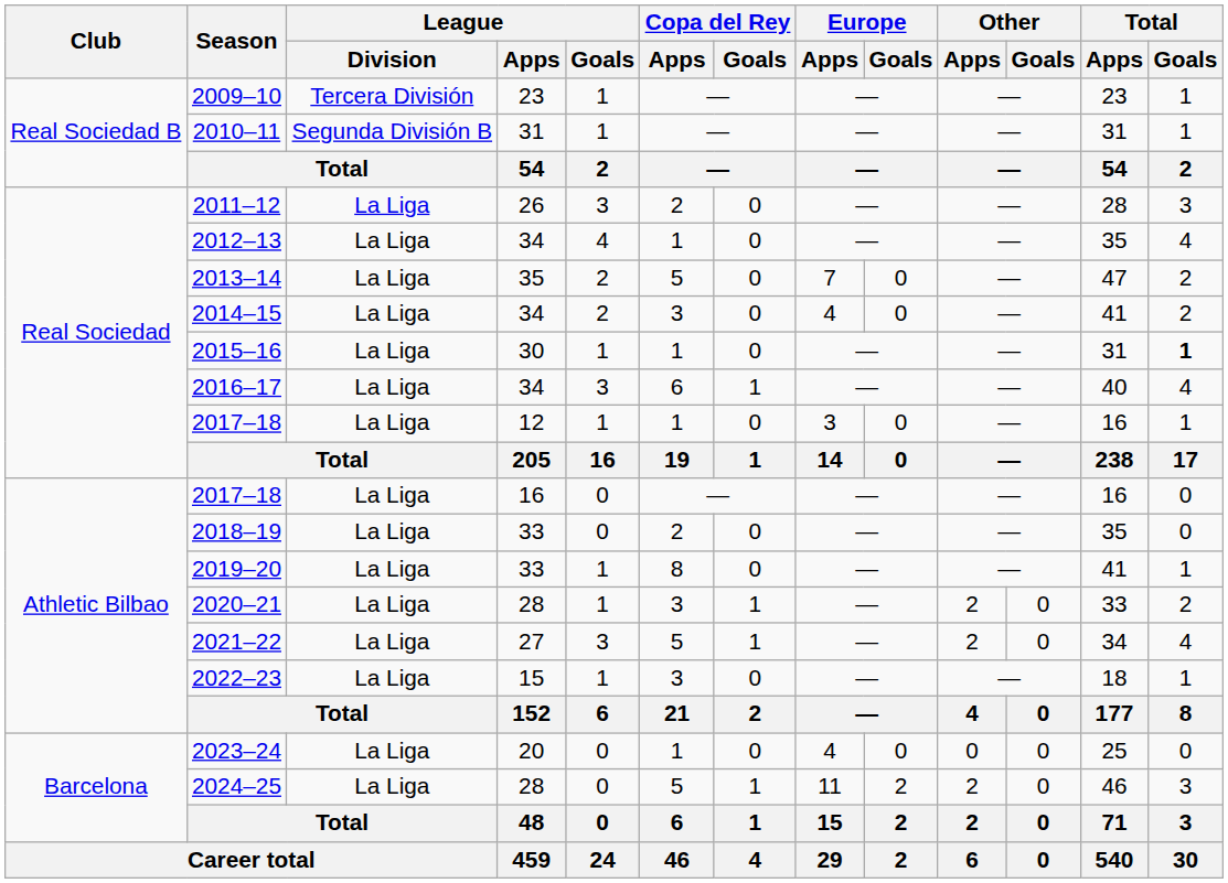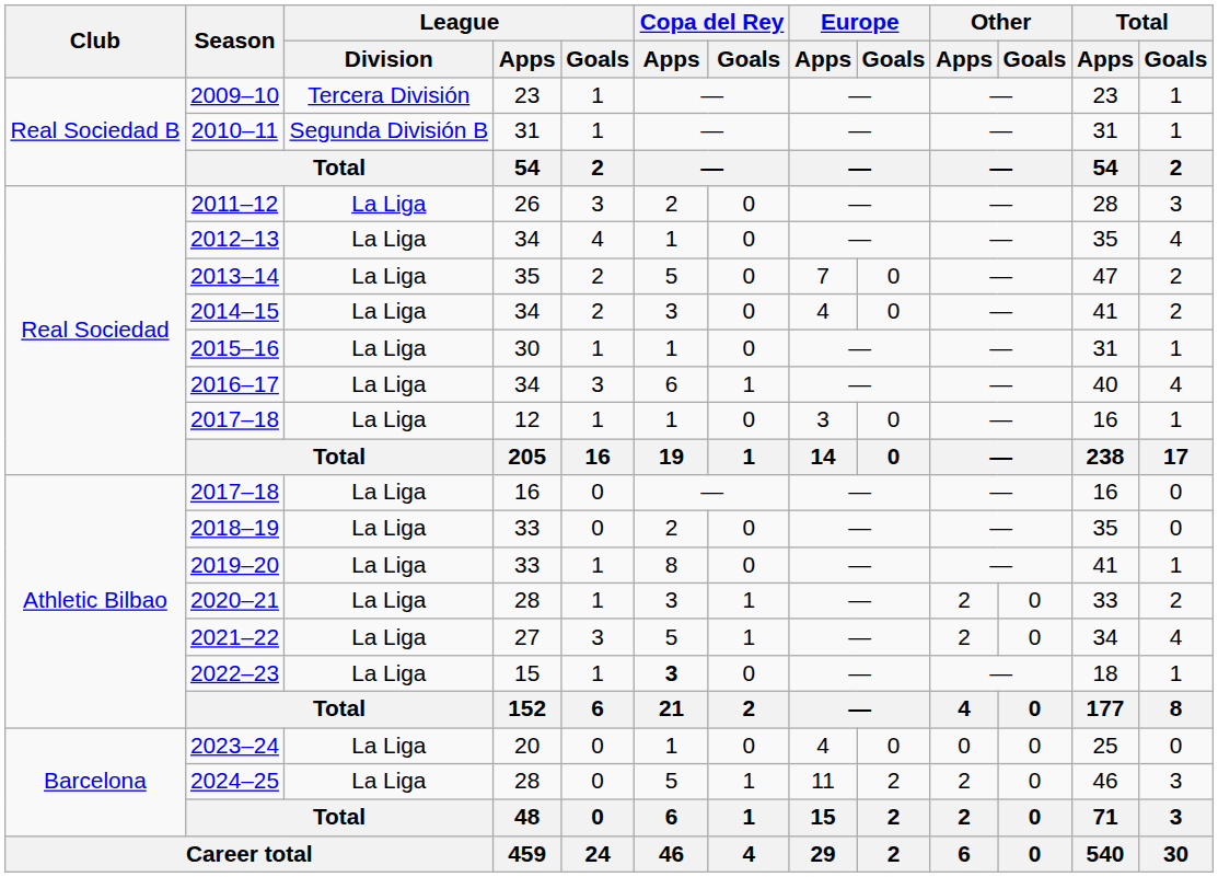 <table class="wikitable" style="text-align:center">
 <tr>
 <th rowspan="2">Club</th>
 <th rowspan="2">Season</th>
 <th colspan="3">League</th>
 <th colspan="2"><a href='#'>Copa del Rey</a></th>
 <th colspan="2"><a href='#'>Europe</a></th>
 <th colspan="2">Other</th>
 <th colspan="2">Total</th>
 </tr>
 <tr>
 <th>Division</th>
 <th>Apps</th>
 <th>Goals</th>
 <th>Apps</th>
 <th>Goals</th>
 <th>Apps</th>
 <th>Goals</th>
 <th>Apps</th>
 <th>Goals</th>
 <th>Apps</th>
 <th>Goals</th>
 </tr>
 <tr>
 <td rowspan="3"><a href='#'>Real Sociedad B</a></td>
 <td><a href='#'>2009–10</a></td>
 <td><a href='#'>Tercera División</a></td>
 <td>23</td>
 <td>1</td>
 <td colspan="2">—</td>
 <td colspan="2">—</td>
 <td colspan="2">—</td>
 <td>23</td>
 <td>1</td>
 </tr>
 <tr>
 <td><a href='#'>2010–11</a></td>
 <td><a href='#'>Segunda División B</a></td>
 <td>31</td>
 <td>1</td>
 <td colspan="2">—</td>
 <td colspan="2">—</td>
 <td colspan="2">—</td>
 <td>31</td>
 <td>1</td>
 </tr>
 <tr>
 <th colspan="2">Total</th>
 <th>54</th>
 <th>2</th>
 <th colspan="2">—</th>
 <th colspan="2">—</th>
 <th colspan="2">—</th>
 <th>54</th>
 <th>2</th>
 </tr>
 <tr>
 <td rowspan="8"><a href='#'>Real Sociedad</a></td>
 <td><a href='#'>2011–12</a></td>
 <td><a href='#'>La Liga</a></td>
 <td>26</td>
 <td>3</td>
 <td>2</td>
 <td>0</td>
 <td colspan="2">—</td>
 <td colspan="2">—</td>
 <td>28</td>
 <td>3</td>
 </tr>
 <tr>
 <td><a href='#'>2012–13</a></td>
 <td>La Liga</td>
 <td>34</td>
 <td>4</td>
 <td>1</td>
 <td>0</td>
 <td colspan="2">—</td>
 <td colspan="2">—</td>
 <td>35</td>
 <td>4</td>
 </tr>
 <tr>
 <td><a href='#'>2013–14</a></td>
 <td>La Liga</td>
 <td>35</td>
 <td>2</td>
 <td>5</td>
 <td>0</td>
 <td>7</td>
 <td>0</td>
 <td colspan="2">—</td>
 <td>47</td>
 <td>2</td>
 </tr>
 <tr>
 <td><a href='#'>2014–15</a></td>
 <td>La Liga</td>
 <td>34</td>
 <td>2</td>
 <td>3</td>
 <td>0</td>
 <td>4</td>
 <td>0</td>
 <td colspan="2">—</td>
 <td>41</td>
 <td>2</td>
 </tr>
 <tr>
 <td><a href='#'>2015–16</a></td>
 <td>La Liga</td>
 <td>30</td>
 <td>1</td>
 <td>1</td>
 <td>0</td>
 <td colspan="2">—</td>
 <td colspan="2">—</td>
 <td>31</td>
-<td><strong>1</strong></td>
+<td>1</td>
 </tr>
 <tr>
 <td><a href='#'>2016–17</a></td>
 <td>La Liga</td>
 <td>34</td>
 <td>3</td>
 <td>6</td>
 <td>1</td>
 <td colspan="2">—</td>
 <td colspan="2">—</td>
 <td>40</td>
 <td>4</td>
 </tr>
 <tr>
 <td><a href='#'>2017–18</a></td>
 <td>La Liga</td>
 <td>12</td>
 <td>1</td>
 <td>1</td>
 <td>0</td>
 <td>3</td>
 <td>0</td>
 <td colspan="2">—</td>
 <td>16</td>
 <td>1</td>
 </tr>
 <tr>
 <th colspan="2">Total</th>
 <th>205</th>
 <th>16</th>
 <th>19</th>
 <th>1</th>
 <th>14</th>
 <th>0</th>
 <th colspan="2">—</th>
 <th>238</th>
 <th>17</th>
 </tr>
 <tr>
 <td rowspan="7"><a href='#'>Athletic Bilbao</a></td>
 <td><a href='#'>2017–18</a></td>
 <td>La Liga</td>
 <td>16</td>
 <td>0</td>
 <td colspan="2">—</td>
 <td colspan="2">—</td>
 <td colspan="2">—</td>
 <td>16</td>
 <td>0</td>
 </tr>
 <tr>
 <td><a href='#'>2018–19</a></td>
 <td>La Liga</td>
 <td>33</td>
 <td>0</td>
 <td>2</td>
 <td>0</td>
 <td colspan="2">—</td>
 <td colspan="2">—</td>
 <td>35</td>
 <td>0</td>
 </tr>
 <tr>
 <td><a href='#'>2019–20</a></td>
 <td>La Liga</td>
 <td>33</td>
 <td>1</td>
 <td>8</td>
 <td>0</td>
 <td colspan="2">—</td>
 <td colspan="2">—</td>
 <td>41</td>
 <td>1</td>
 </tr>
 <tr>
 <td><a href='#'>2020–21</a></td>
 <td>La Liga</td>
 <td>28</td>
 <td>1</td>
 <td>3</td>
 <td>1</td>
 <td colspan="2">—</td>
 <td>2</td>
 <td>0</td>
 <td>33</td>
 <td>2</td>
 </tr>
 <tr>
 <td><a href='#'>2021–22</a></td>
 <td>La Liga</td>
 <td>27</td>
 <td>3</td>
 <td>5</td>
 <td>1</td>
 <td colspan="2">—</td>
 <td>2</td>
 <td>0</td>
 <td>34</td>
 <td>4</td>
 </tr>
 <tr>
 <td><a href='#'>2022–23</a></td>
 <td>La Liga</td>
 <td>15</td>
 <td>1</td>
-<td>3</td>
+<td><strong>3</strong></td>
 <td>0</td>
 <td colspan="2">—</td>
 <td colspan="2">—</td>
 <td>18</td>
 <td>1</td>
 </tr>
 <tr>
 <th colspan="2">Total</th>
 <th>152</th>
 <th>6</th>
 <th>21</th>
 <th>2</th>
 <th colspan="2">—</th>
 <th>4</th>
 <th>0</th>
 <th>177</th>
 <th>8</th>
 </tr>
 <tr>
 <td rowspan="3"><a href='#'>Barcelona</a></td>
 <td><a href='#'>2023–24</a></td>
 <td>La Liga</td>
 <td>20</td>
 <td>0</td>
 <td>1</td>
 <td>0</td>
 <td>4</td>
 <td>0</td>
 <td>0</td>
 <td>0</td>
 <td>25</td>
 <td>0</td>
 </tr>
 <tr>
 <td><a href='#'>2024–25</a></td>
 <td>La Liga</td>
 <td>28</td>
 <td>0</td>
 <td>5</td>
 <td>1</td>
 <td>11</td>
 <td>2</td>
 <td>2</td>
 <td>0</td>
 <td>46</td>
 <td>3</td>
 </tr>
 <tr>
 <th colspan="2">Total</th>
 <th>48</th>
 <th>0</th>
 <th>6</th>
 <th>1</th>
 <th>15</th>
 <th>2</th>
 <th>2</th>
 <th>0</th>
 <th>71</th>
 <th>3</th>
 </tr>
 <tr>
 <th colspan="3">Career total</th>
 <th>459</th>
 <th>24</th>
 <th>46</th>
 <th>4</th>
 <th>29</th>
 <th>2</th>
 <th>6</th>
 <th>0</th>
 <th>540</th>
 <th>30</th>
 </tr>
 </table>
